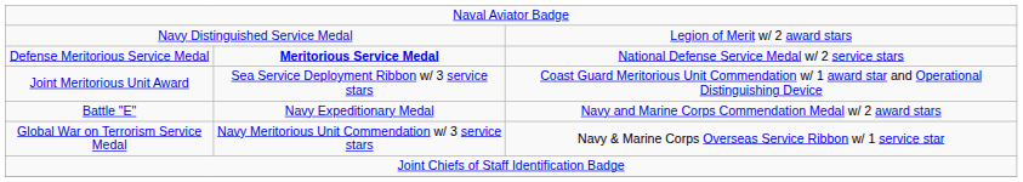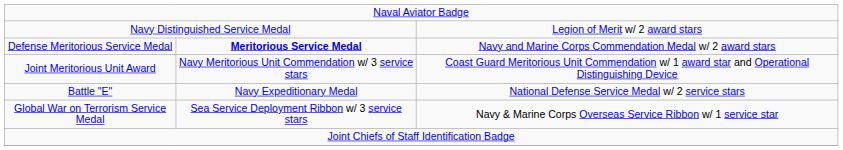 <table class="wikitable" style="margin:1em auto; text-align:center;">
 <tr>
 <td colspan="4"><a href='#'>Naval Aviator Badge</a></td>
 </tr>
 <tr>
 <td colspan="2"><a href='#'>Navy Distinguished Service Medal</a></td>
 <td colspan="2"><a href='#'>Legion of Merit</a> w/ 2 <a href='#'>award stars</a></td>
 </tr>
 <tr>
 <td><a href='#'>Defense Meritorious Service Medal</a></td>
 <td><strong><a href='#'>Meritorious Service Medal</a></strong></td>
-<td><a href='#'>National Defense Service Medal</a> w/ 2 <a href='#'>service stars</a></td>
+<td><a href='#'>Navy and Marine Corps Commendation Medal</a> w/ 2 <a href='#'>award stars</a></td>
 </tr>
 <tr>
 <td><a href='#'>Joint Meritorious Unit Award</a></td>
-<td><a href='#'>Sea Service Deployment Ribbon</a> w/ 3 <a href='#'>service stars</a></td>
+<td><a href='#'>Navy Meritorious Unit Commendation</a> w/ 3 <a href='#'>service stars</a></td>
 <td><a href='#'>Coast Guard Meritorious Unit Commendation</a> w/ 1 <a href='#'>award star</a> and <a href='#'>Operational Distinguishing Device</a></td>
 </tr>
 <tr>
 <td><a href='#'>Battle "E"</a></td>
 <td><a href='#'>Navy Expeditionary Medal</a></td>
-<td><a href='#'>Navy and Marine Corps Commendation Medal</a> w/ 2 <a href='#'>award stars</a></td>
+<td><a href='#'>National Defense Service Medal</a> w/ 2 <a href='#'>service stars</a></td>
 </tr>
 <tr>
 <td><a href='#'>Global War on Terrorism Service Medal</a></td>
-<td><a href='#'>Navy Meritorious Unit Commendation</a> w/ 3 <a href='#'>service stars</a></td>
+<td><a href='#'>Sea Service Deployment Ribbon</a> w/ 3 <a href='#'>service stars</a></td>
 <td>Navy & Marine Corps <a href='#'>Overseas Service Ribbon</a> w/ 1 <a href='#'>service star</a></td>
 </tr>
 <tr>
 <td colspan="4"><a href='#'>Joint Chiefs of Staff Identification Badge</a></td>
 </tr>
 <tr>
 </tr>
 </table>
